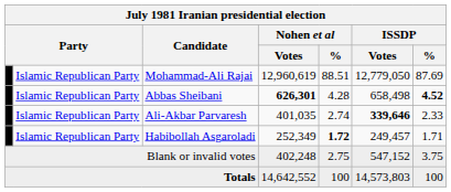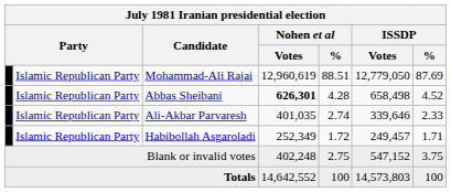 <table class="wikitable" style="font-size: 95%;">
 <tr>
 <th colspan="8">July 1981 Iranian presidential election</th>
 </tr>
 <tr>
 <th rowspan="2" colspan="2">Party</th>
 <th rowspan="2">Candidate</th>
 <th colspan="2">Nohen <em>et al</em></th>
 <th colspan="2"><abbr>ISSDP</abbr></th>
 </tr>
 <tr>
 <th>Votes</th>
 <th>%</th>
 <th>Votes</th>
 <th>%</th>
 </tr>
 <tr>
 <th style="background:#000000; width:3px;"></th>
 <td><a href='#'>Islamic Republican Party</a></td>
 <td><a href='#'>Mohammad-Ali Rajai</a></td>
 <td style="text-align:right;">12,960,619</td>
 <td style="text-align:right;">88.51</td>
 <td style="text-align:right;">12,779,050</td>
 <td style="text-align:right;">87.69</td>
 </tr>
 <tr>
 <th style="background:#000000; width:3px;"></th>
 <td><a href='#'>Islamic Republican Party</a></td>
 <td><a href='#'>Abbas Sheibani</a></td>
 <td style="text-align:right;"><strong>626,301</strong></td>
 <td style="text-align:right;">4.28</td>
 <td style="text-align:right;">658,498</td>
-<td style="text-align:right;"><strong>4.52</strong></td>
+<td style="text-align:right;">4.52</td>
 </tr>
 <tr>
 <th style="background:#000000; width:3px;"></th>
 <td><a href='#'>Islamic Republican Party</a></td>
 <td><a href='#'>Ali-Akbar Parvaresh</a></td>
 <td style="text-align:right;">401,035</td>
 <td style="text-align:right;">2.74</td>
-<td style="text-align:right;"><strong>339,646</strong></td>
+<td style="text-align:right;">339,646</td>
 <td style="text-align:right;">2.33</td>
 </tr>
 <tr>
 <th style="background:#000000; width:3px;"></th>
 <td><a href='#'>Islamic Republican Party</a></td>
 <td><a href='#'>Habibollah Asgaroladi</a></td>
 <td style="text-align:right;">252,349</td>
-<td style="text-align:right;"><strong>1.72</strong></td>
+<td style="text-align:right;">1.72</td>
 <td style="text-align:right;">249,457</td>
 <td style="text-align:right;">1.71</td>
 </tr>
 <tr style="background:#eee">
 <td colspan="3" style="text-align:right;">Blank or invalid votes</td>
 <td style="text-align:right;">402,248</td>
 <td style="text-align:right;">2.75</td>
 <td style="text-align:right;">547,152</td>
 <td style="text-align:right;">3.75</td>
 </tr>
 <tr style="background:#eee">
 <td colspan="3" style="text-align:right;"><strong>Totals</strong></td>
 <td style="text-align:right;">14,642,552</td>
 <td style="text-align:right;">100</td>
 <td style="text-align:right;">14,573,803</td>
 <td style="text-align:right;">100</td>
 </tr>
 </table>
